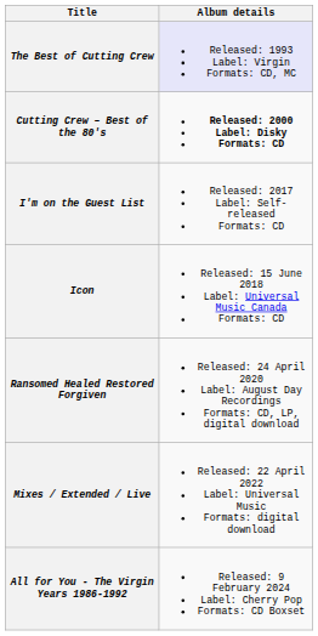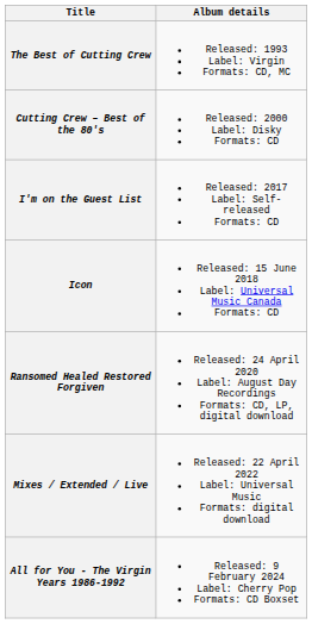 <table class="wikitable plainrowheaders" style="text-align:center;">
 <tr>
 <th scope="col" style="width:15em;">Title</th>
 <th scope="col" style="width:15em;">Album details</th>
 </tr>
 <tr>
 <th scope="row"><em>The Best of Cutting Crew</em></th>
-<td style="background: lavender;"><br><ul><li>Released: 1993</li><li>Label: Virgin</li><li>Formats: CD, MC</li></ul></td>
+<td><br><ul><li>Released: 1993</li><li>Label: Virgin</li><li>Formats: CD, MC</li></ul></td>
 </tr>
 <tr>
 <th scope="row"><em>Cutting Crew – Best of the 80's</em></th>
-<td><strong><br><ul><li>Released: 2000</li><li>Label: Disky</li><li>Formats: CD</li></ul></strong></td>
+<td><br><ul><li>Released: 2000</li><li>Label: Disky</li><li>Formats: CD</li></ul></td>
 </tr>
 <tr>
 <th scope="row"><em>I'm on the Guest List</em></th>
 <td><br><ul><li>Released: 2017</li><li>Label: Self-released</li><li>Formats: CD</li></ul></td>
 </tr>
 <tr>
 <th scope="row"><em>Icon</em></th>
 <td><br><ul><li>Released: 15 June 2018</li><li>Label: <a href='#'>Universal Music Canada</a></li><li>Formats: CD</li></ul></td>
 </tr>
 <tr>
 <th scope="row"><em>Ransomed Healed Restored Forgiven</em></th>
 <td><br><ul><li>Released: 24 April 2020</li><li>Label: August Day Recordings</li><li>Formats: CD, LP, digital download</li></ul></td>
 </tr>
 <tr>
 <th scope="row"><em>Mixes / Extended / Live</em></th>
 <td><br><ul><li>Released: 22 April 2022</li><li>Label: Universal Music</li><li>Formats: digital download</li></ul></td>
 </tr>
 <tr>
 <th scope="row"><em>All for You - The Virgin Years 1986-1992</em></th>
 <td><br><ul><li>Released: 9 February 2024</li><li>Label: Cherry Pop</li><li>Formats: CD Boxset</li></ul></td>
 </tr>
 </table>
